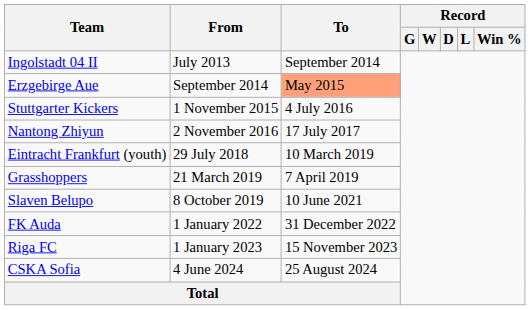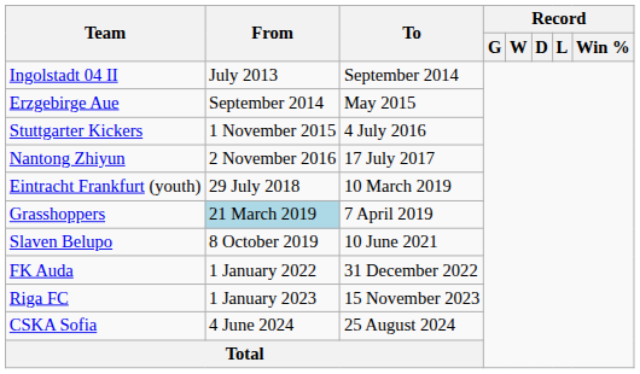 <table class="wikitable sortable">
 <tr>
 <th rowspan="2">Team</th>
 <th rowspan="2">From</th>
 <th rowspan="2">To</th>
 <th colspan="5">Record</th>
 </tr>
 <tr>
 <th>G</th>
 <th>W</th>
 <th>D</th>
 <th>L</th>
 <th>Win %</th>
 </tr>
 <tr>
 <td><a href='#'>Ingolstadt 04 II</a></td>
 <td>July 2013</td>
 <td>September 2014<br></td>
 </tr>
 <tr>
 <td><a href='#'>Erzgebirge Aue</a></td>
 <td>September 2014</td>
-<td style="background: lightsalmon;">May 2015<br></td>
+<td>May 2015<br></td>
 </tr>
 <tr>
 <td><a href='#'>Stuttgarter Kickers</a></td>
 <td>1 November 2015</td>
 <td>4 July 2016<br></td>
 </tr>
 <tr>
 <td><a href='#'>Nantong Zhiyun</a></td>
 <td>2 November 2016</td>
 <td>17 July 2017<br></td>
 </tr>
 <tr>
 <td><a href='#'>Eintracht Frankfurt</a> (youth)</td>
 <td>29 July 2018</td>
 <td>10 March 2019<br></td>
 </tr>
 <tr>
 <td><a href='#'>Grasshoppers</a></td>
-<td>21 March 2019</td>
+<td style="background: lightblue;">21 March 2019</td>
 <td>7 April 2019<br></td>
 </tr>
 <tr>
 <td><a href='#'>Slaven Belupo</a></td>
 <td>8 October 2019</td>
 <td>10 June 2021<br></td>
 </tr>
 <tr>
 <td><a href='#'>FK Auda</a></td>
 <td>1 January 2022</td>
 <td>31 December 2022<br></td>
 </tr>
 <tr>
 <td><a href='#'>Riga FC</a></td>
 <td>1 January 2023</td>
 <td>15 November 2023<br></td>
 </tr>
 <tr>
 <td><a href='#'>CSKA Sofia</a></td>
 <td>4 June 2024</td>
 <td>25 August 2024<br></td>
 </tr>
 <tr>
 <th colspan="3">Total<br></th>
 </tr>
 </table>
